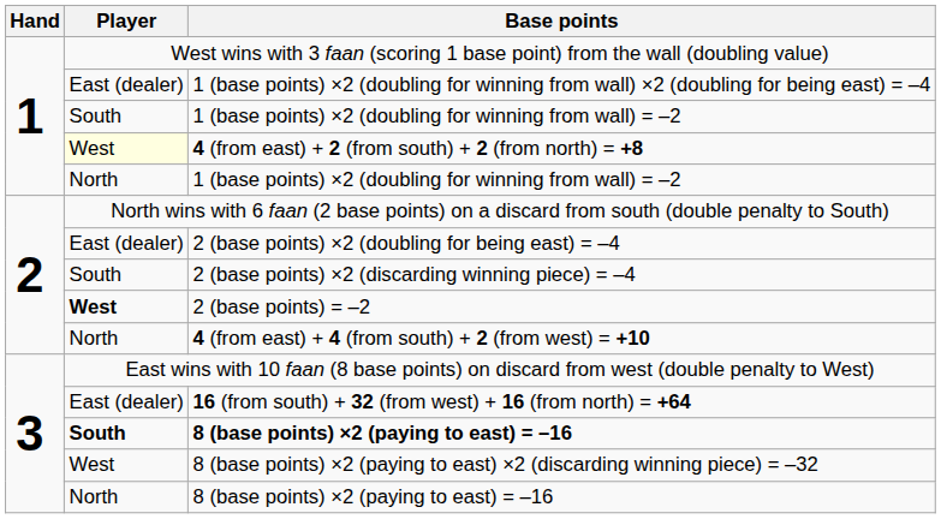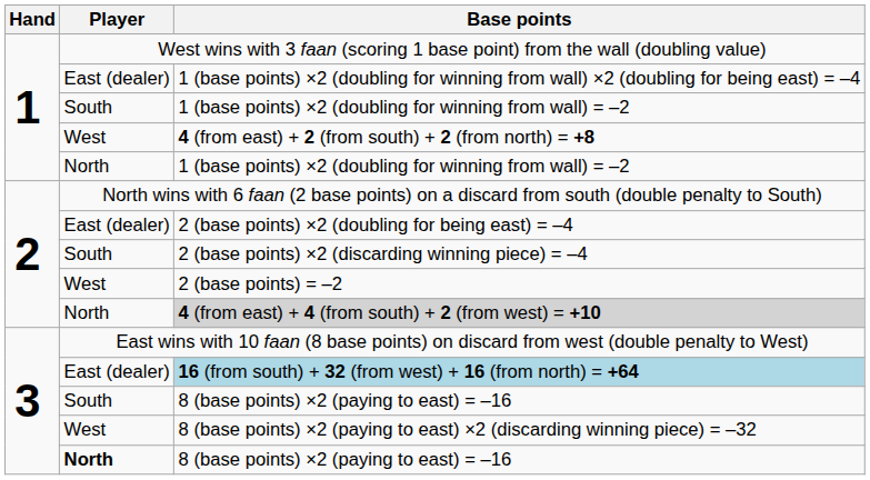 <table class="wikitable">
 <tr>
 <th>Hand</th>
 <th>Player</th>
 <th>Base points</th>
 </tr>
 <tr>
 <td rowspan=5 style="font-size:250%"><strong>1</strong></td>
 <td colspan=2 style="text-align:center">West wins with 3 <em>faan</em> (scoring 1 base point) from the wall (doubling value)</td>
 </tr>
 <tr>
 <td>East (dealer)</td>
 <td>1 (base points) ×2 (doubling for winning from wall) ×2 (doubling for being east) = –4</td>
 </tr>
 <tr>
 <td>South</td>
 <td>1 (base points) ×2 (doubling for winning from wall) = –2</td>
 </tr>
 <tr>
-<td style="background: lightyellow;">West</td>
+<td>West</td>
 <td><strong>4</strong> (from east) + <strong>2</strong> (from south) + <strong>2</strong> (from north) = <strong>+8</strong></td>
 </tr>
 <tr>
 <td>North</td>
 <td>1 (base points) ×2 (doubling for winning from wall) = –2</td>
 </tr>
 <tr>
 <td rowspan=5 style="font-size:250%"><strong>2</strong></td>
 <td colspan=2 style="text-align:center">North wins with 6 <em>faan</em> (2 base points) on a discard from south (double penalty to South)</td>
 </tr>
 <tr>
 <td>East (dealer)</td>
 <td>2 (base points) ×2 (doubling for being east) = –4</td>
 </tr>
 <tr>
 <td>South</td>
 <td>2 (base points) ×2 (discarding winning piece) = –4</td>
 </tr>
 <tr>
-<td><strong>West</strong></td>
+<td>West</td>
 <td>2 (base points) = –2</td>
 </tr>
 <tr>
 <td>North</td>
-<td><strong>4</strong> (from east) + <strong>4</strong> (from south) + <strong>2</strong> (from west) = <strong>+10</strong></td>
+<td style="background: lightgrey;"><strong>4</strong> (from east) + <strong>4</strong> (from south) + <strong>2</strong> (from west) = <strong>+10</strong></td>
 </tr>
 <tr>
 <td rowspan=5 style="font-size:250%"><strong>3</strong></td>
 <td colspan=2 style="text-align:center">East wins with 10 <em>faan</em> (8 base points) on discard from west (double penalty to West)</td>
 </tr>
 <tr>
 <td>East (dealer)</td>
-<td><strong>16</strong> (from south) + <strong>32</strong> (from west) + <strong>16</strong> (from north) = <strong>+64</strong></td>
+<td style="background: lightblue;"><strong>16</strong> (from south) + <strong>32</strong> (from west) + <strong>16</strong> (from north) = <strong>+64</strong></td>
 </tr>
 <tr>
-<td><strong>South</strong></td>
-<td><strong>8 (base points) ×2 (paying to east) = –16</strong></td>
+<td>South</td>
+<td>8 (base points) ×2 (paying to east) = –16</td>
 </tr>
 <tr>
 <td>West</td>
 <td>8 (base points) ×2 (paying to east) ×2 (discarding winning piece) = –32</td>
 </tr>
 <tr>
-<td>North</td>
+<td><strong>North</strong></td>
 <td>8 (base points) ×2 (paying to east) = –16</td>
 </tr>
 </table>
